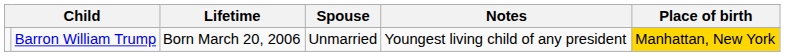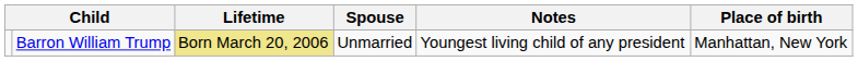 <table class="wikitable">
 <tr>
 <th colspan="2" width=20%>Child</th>
 <th>Lifetime</th>
 <th>Spouse</th>
 <th>Notes</th>
 <th>Place of birth</th>
 </tr>
 <tr>
 <td rowspan="1" style="text-align:center;"></td>
 <td><a href='#'>Barron William Trump</a></td>
-<td>Born March 20, 2006</td>
+<td style="background: khaki;">Born March 20, 2006</td>
 <td>Unmarried</td>
 <td>Youngest living child of any president</td>
-<td style="background: gold;">Manhattan, New York</td>
+<td>Manhattan, New York</td>
 </tr>
 </table>
